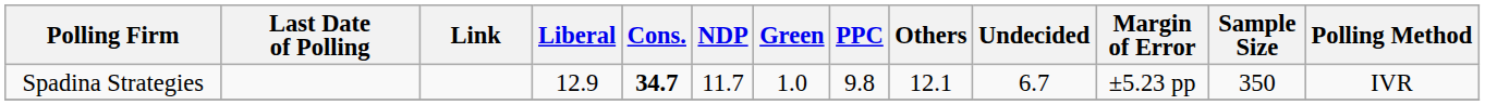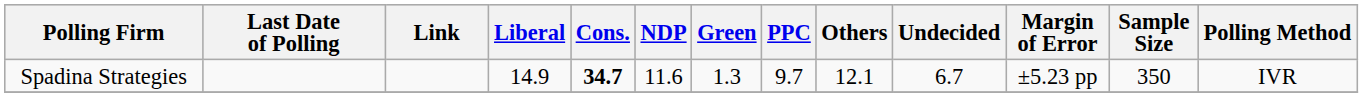 <table class="wikitable sortable" style="text-align:center;font-size:90%;line-height:14px;">
 <tr style="background:#e9e9e9;">
 <th style="width:120px">Polling Firm</th>
 <th style="width:110px">Last Date<br>of Polling</th>
 <th style="width:60px" class="unsortable">Link</th>
 <th style="background-color:"><a href='#'>Liberal</a></th>
 <th style="background-color:"><a href='#'>Cons.</a></th>
 <th style="background-color:"><a href='#'>NDP</a></th>
 <th style="background-color:"><a href='#'>Green</a></th>
 <th style="background-color:"><a href='#'><span>PPC</span></a></th>
 <th style="background-color:">Others</th>
 <th style="background-color:">Undecided</th>
 <th style="width:60px;" class=unsortable>Margin<br>of Error</th>
 <th style="width:50px;" class=unsortable>Sample<br>Size</th>
 <th class=unsortable>Polling Method</th>
 </tr>
 <tr>
 <td>Spadina Strategies</td>
 <td></td>
 <td></td>
-<td>12.9</td>
+<td>14.9</td>
 <td><strong>34.7</strong></td>
-<td>11.7</td>
-<td>1.0</td>
-<td>9.8</td>
+<td>11.6</td>
+<td>1.3</td>
+<td>9.7</td>
 <td>12.1</td>
 <td>6.7</td>
 <td>±5.23 pp</td>
 <td>350</td>
 <td>IVR</td>
 </tr>
 <tr>
 </tr>
 </table>
